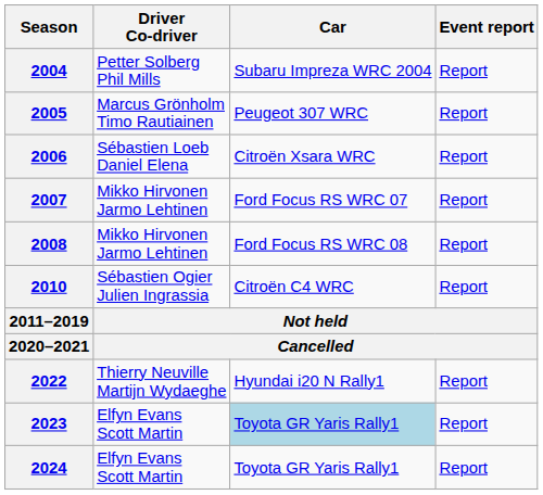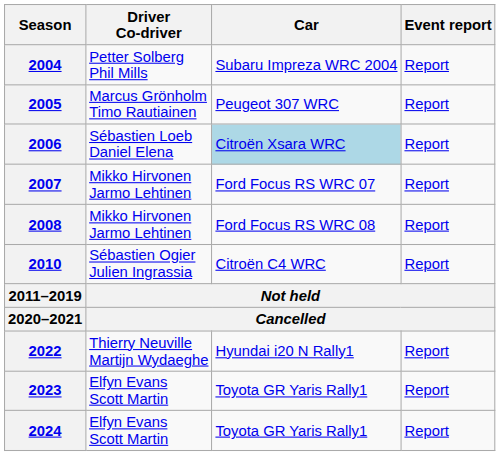 <table class="wikitable" style="font-size: 90%;">
 <tr>
 <th>Season</th>
 <th>Driver<br>Co-driver</th>
 <th>Car</th>
 <th>Event report</th>
 </tr>
 <tr>
 <th><a href='#'>2004</a></th>
 <td> <a href='#'>Petter Solberg</a><br> <a href='#'>Phil Mills</a></td>
 <td> <a href='#'>Subaru Impreza WRC 2004</a></td>
 <td><a href='#'>Report</a></td>
 </tr>
 <tr>
 <th><a href='#'>2005</a></th>
 <td> <a href='#'>Marcus Grönholm</a><br> <a href='#'>Timo Rautiainen</a></td>
 <td> <a href='#'>Peugeot 307 WRC</a></td>
 <td><a href='#'>Report</a></td>
 </tr>
 <tr>
 <th><a href='#'>2006</a></th>
 <td> <a href='#'>Sébastien Loeb</a><br> <a href='#'>Daniel Elena</a></td>
-<td> <a href='#'>Citroën Xsara WRC</a></td>
+<td style="background: lightblue;"> <a href='#'>Citroën Xsara WRC</a></td>
 <td><a href='#'>Report</a></td>
 </tr>
 <tr>
 <th><a href='#'>2007</a></th>
 <td> <a href='#'>Mikko Hirvonen</a><br> <a href='#'>Jarmo Lehtinen</a></td>
 <td> <a href='#'>Ford Focus RS WRC 07</a></td>
 <td><a href='#'>Report</a></td>
 </tr>
 <tr>
 <th><a href='#'>2008</a></th>
 <td> <a href='#'>Mikko Hirvonen</a><br> <a href='#'>Jarmo Lehtinen</a></td>
 <td> <a href='#'>Ford Focus RS WRC 08</a></td>
 <td><a href='#'>Report</a></td>
 </tr>
 <tr>
 <th><a href='#'>2010</a></th>
 <td> <a href='#'>Sébastien Ogier</a><br> <a href='#'>Julien Ingrassia</a></td>
 <td> <a href='#'>Citroën C4 WRC</a></td>
 <td><a href='#'>Report</a></td>
 </tr>
 <tr>
 <th>2011–2019</th>
 <th colspan=4><em>Not held</em></th>
 </tr>
 <tr>
 <th>2020–2021</th>
 <th colspan=4><em>Cancelled</em></th>
 </tr>
 <tr>
 <th><a href='#'>2022</a></th>
 <td> <a href='#'>Thierry Neuville</a><br> <a href='#'>Martijn Wydaeghe</a></td>
 <td> <a href='#'>Hyundai i20 N Rally1</a></td>
 <td><a href='#'>Report</a></td>
 </tr>
 <tr>
 <th><a href='#'>2023</a></th>
 <td> <a href='#'>Elfyn Evans</a><br> <a href='#'>Scott Martin</a></td>
-<td style="background: lightblue;"> <a href='#'>Toyota GR Yaris Rally1</a></td>
+<td> <a href='#'>Toyota GR Yaris Rally1</a></td>
 <td><a href='#'>Report</a></td>
 </tr>
 <tr>
 <th><a href='#'>2024</a></th>
 <td> <a href='#'>Elfyn Evans</a><br> <a href='#'>Scott Martin</a></td>
 <td> <a href='#'>Toyota GR Yaris Rally1</a></td>
 <td><a href='#'>Report</a></td>
 </tr>
 </table>
